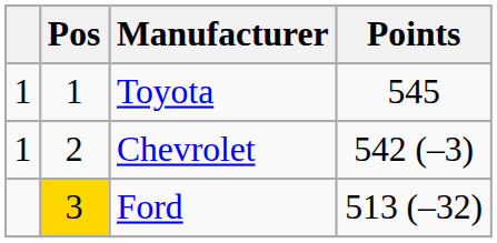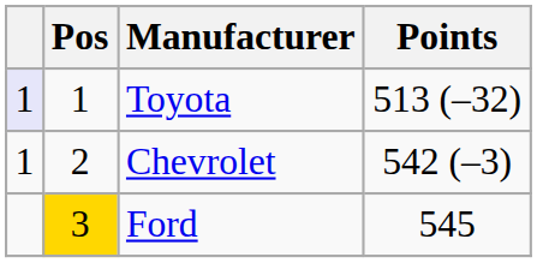 <table class="wikitable" style="font-size: 95%;">
 <tr>
 <th></th>
 <th>Pos</th>
 <th>Manufacturer</th>
 <th>Points</th>
 </tr>
 <tr>
-<td align="left"> 1</td>
+<td align="left" style="background: lavender;"> 1</td>
 <td style="text-align:center;">1</td>
 <td><a href='#'>Toyota</a></td>
-<td style="text-align:center;">545</td>
+<td style="text-align:center;">513 (–32)</td>
 </tr>
 <tr>
 <td align="left"> 1</td>
 <td style="text-align:center;">2</td>
 <td><a href='#'>Chevrolet</a></td>
 <td style="text-align:center;">542 (–3)</td>
 </tr>
 <tr>
 <td align="left"></td>
 <td style="background: gold; text-align:center;">3</td>
 <td><a href='#'>Ford</a></td>
-<td style="text-align:center;">513 (–32)</td>
+<td style="text-align:center;">545</td>
 </tr>
 <tr class="sortbottom">
 </tr>
 </table>
